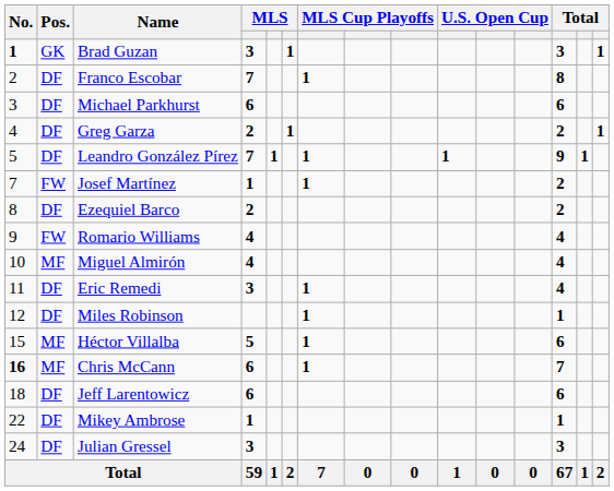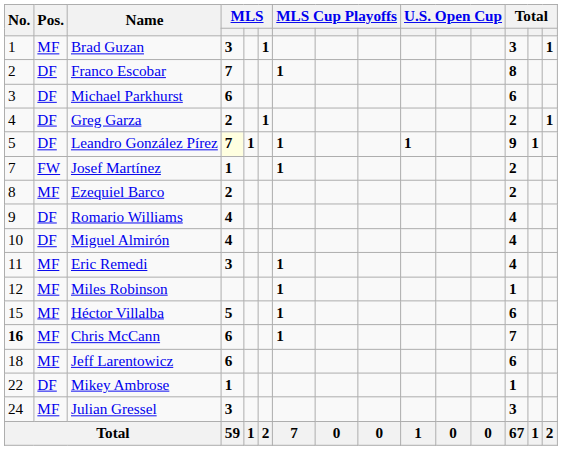 <table class="wikitable sortable" style="90% text-align: center">
 <tr>
 <th rowspan="2">No.</th>
 <th rowspan="2">Pos.</th>
 <th rowspan="2">Name</th>
 <th colspan="3"><a href='#'>MLS</a></th>
 <th colspan="3"><a href='#'>MLS Cup Playoffs</a></th>
 <th colspan="3"><a href='#'>U.S. Open Cup</a></th>
 <th colspan="3"><strong>Total</strong></th>
 </tr>
 <tr>
 <th></th>
 <th></th>
 <th></th>
 <th></th>
 <th></th>
 <th></th>
 <th></th>
 <th></th>
 <th></th>
 <th></th>
 <th></th>
 <th></th>
 </tr>
 <tr>
-<td><strong>1</strong></td>
-<td><a href='#'>GK</a></td>
+<td>1</td>
+<td><a href='#'>MF</a></td>
 <td><a href='#'>Brad Guzan</a></td>
 <td><strong>3</strong></td>
 <td><strong> </strong></td>
 <td><strong>1</strong></td>
 <td><strong> </strong></td>
 <td><strong> </strong></td>
 <td><strong> </strong></td>
 <td><strong> </strong></td>
 <td><strong> </strong></td>
 <td><strong> </strong></td>
 <td><strong>3</strong></td>
 <td><strong> </strong></td>
 <td><strong>1</strong></td>
 </tr>
 <tr>
 <td>2</td>
 <td><a href='#'>DF</a></td>
 <td><a href='#'>Franco Escobar</a></td>
 <td><strong>7</strong></td>
 <td><strong> </strong></td>
 <td><strong> </strong></td>
 <td><strong>1</strong></td>
 <td><strong> </strong></td>
 <td><strong> </strong></td>
 <td><strong> </strong></td>
 <td><strong> </strong></td>
 <td><strong> </strong></td>
 <td><strong>8</strong></td>
 <td><strong> </strong></td>
 <td><strong> </strong></td>
 </tr>
 <tr>
 <td>3</td>
 <td><a href='#'>DF</a></td>
 <td><a href='#'>Michael Parkhurst</a></td>
 <td><strong>6</strong></td>
 <td><strong> </strong></td>
 <td><strong> </strong></td>
 <td><strong> </strong></td>
 <td><strong> </strong></td>
 <td><strong> </strong></td>
 <td><strong> </strong></td>
 <td><strong> </strong></td>
 <td><strong> </strong></td>
 <td><strong>6</strong></td>
 <td><strong> </strong></td>
 <td><strong> </strong></td>
 </tr>
 <tr>
 <td>4</td>
 <td><a href='#'>DF</a></td>
 <td><a href='#'>Greg Garza</a></td>
 <td><strong>2</strong></td>
 <td><strong> </strong></td>
 <td><strong>1</strong></td>
 <td><strong> </strong></td>
 <td><strong> </strong></td>
 <td><strong> </strong></td>
 <td><strong> </strong></td>
 <td><strong> </strong></td>
 <td><strong> </strong></td>
 <td><strong>2</strong></td>
 <td><strong> </strong></td>
 <td><strong>1</strong></td>
 </tr>
 <tr>
 <td>5</td>
 <td><a href='#'>DF</a></td>
 <td><a href='#'>Leandro González Pírez</a></td>
-<td><strong>7</strong></td>
+<td style="background: lightyellow;"><strong>7</strong></td>
 <td><strong>1</strong></td>
 <td><strong> </strong></td>
 <td><strong>1</strong></td>
 <td><strong> </strong></td>
 <td><strong> </strong></td>
 <td><strong>1</strong></td>
 <td><strong> </strong></td>
 <td><strong> </strong></td>
 <td><strong>9</strong></td>
 <td><strong>1</strong></td>
 <td><strong> </strong></td>
 </tr>
 <tr>
 <td>7</td>
 <td><a href='#'>FW</a></td>
 <td><a href='#'>Josef Martínez</a></td>
 <td><strong>1</strong></td>
 <td><strong> </strong></td>
 <td><strong> </strong></td>
 <td><strong>1</strong></td>
 <td><strong> </strong></td>
 <td><strong> </strong></td>
 <td><strong> </strong></td>
 <td><strong> </strong></td>
 <td><strong> </strong></td>
 <td><strong>2</strong></td>
 <td><strong> </strong></td>
 <td><strong> </strong></td>
 </tr>
 <tr>
 <td>8</td>
-<td><a href='#'>DF</a></td>
+<td><a href='#'>MF</a></td>
 <td><a href='#'>Ezequiel Barco</a></td>
 <td><strong>2</strong></td>
 <td><strong> </strong></td>
 <td><strong> </strong></td>
 <td><strong> </strong></td>
 <td><strong> </strong></td>
 <td><strong> </strong></td>
 <td><strong> </strong></td>
 <td><strong> </strong></td>
 <td><strong> </strong></td>
 <td><strong>2</strong></td>
 <td><strong> </strong></td>
 <td><strong> </strong></td>
 </tr>
 <tr>
 <td>9</td>
-<td><a href='#'>FW</a></td>
+<td><a href='#'>DF</a></td>
 <td><a href='#'>Romario Williams</a></td>
 <td><strong>4</strong></td>
 <td><strong> </strong></td>
 <td><strong> </strong></td>
 <td><strong> </strong></td>
 <td><strong> </strong></td>
 <td><strong> </strong></td>
 <td><strong> </strong></td>
 <td><strong> </strong></td>
 <td><strong> </strong></td>
 <td><strong>4</strong></td>
 <td><strong> </strong></td>
 <td><strong> </strong></td>
 </tr>
 <tr>
 <td>10</td>
-<td><a href='#'>MF</a></td>
+<td><a href='#'>DF</a></td>
 <td><a href='#'>Miguel Almirón</a></td>
 <td><strong>4</strong></td>
 <td><strong> </strong></td>
 <td><strong> </strong></td>
 <td><strong> </strong></td>
 <td><strong> </strong></td>
 <td><strong> </strong></td>
 <td><strong> </strong></td>
 <td><strong> </strong></td>
 <td><strong> </strong></td>
 <td><strong>4</strong></td>
 <td><strong> </strong></td>
 <td><strong> </strong></td>
 </tr>
 <tr>
 <td>11</td>
-<td><a href='#'>DF</a></td>
+<td><a href='#'>MF</a></td>
 <td><a href='#'>Eric Remedi</a></td>
 <td><strong>3</strong></td>
 <td><strong> </strong></td>
 <td><strong> </strong></td>
 <td><strong>1</strong></td>
 <td><strong> </strong></td>
 <td><strong> </strong></td>
 <td><strong> </strong></td>
 <td><strong> </strong></td>
 <td><strong> </strong></td>
 <td><strong>4</strong></td>
 <td><strong> </strong></td>
 <td><strong> </strong></td>
 </tr>
 <tr>
 <td>12</td>
-<td><a href='#'>DF</a></td>
+<td><a href='#'>MF</a></td>
 <td><a href='#'>Miles Robinson</a></td>
 <td><strong> </strong></td>
 <td><strong> </strong></td>
 <td><strong> </strong></td>
 <td><strong>1</strong></td>
 <td><strong> </strong></td>
 <td><strong> </strong></td>
 <td><strong> </strong></td>
 <td><strong> </strong></td>
 <td><strong> </strong></td>
 <td><strong>1</strong></td>
 <td><strong> </strong></td>
 <td><strong> </strong></td>
 </tr>
 <tr>
 <td>15</td>
 <td><a href='#'>MF</a></td>
 <td><a href='#'>Héctor Villalba</a></td>
 <td><strong>5</strong></td>
 <td><strong> </strong></td>
 <td><strong> </strong></td>
 <td><strong>1</strong></td>
 <td><strong> </strong></td>
 <td><strong> </strong></td>
 <td><strong> </strong></td>
 <td><strong> </strong></td>
 <td><strong> </strong></td>
 <td><strong>6</strong></td>
 <td><strong> </strong></td>
 <td><strong> </strong></td>
 </tr>
 <tr>
 <td><strong>16</strong></td>
 <td><a href='#'>MF</a></td>
 <td><a href='#'>Chris McCann</a></td>
 <td><strong>6</strong></td>
 <td><strong> </strong></td>
 <td><strong> </strong></td>
 <td><strong>1</strong></td>
 <td><strong> </strong></td>
 <td><strong> </strong></td>
 <td><strong> </strong></td>
 <td><strong> </strong></td>
 <td><strong> </strong></td>
 <td><strong>7</strong></td>
 <td><strong> </strong></td>
 <td><strong> </strong></td>
 </tr>
 <tr>
 <td>18</td>
-<td><a href='#'>DF</a></td>
+<td><a href='#'>MF</a></td>
 <td><a href='#'>Jeff Larentowicz</a></td>
 <td><strong>6</strong></td>
 <td><strong> </strong></td>
 <td><strong> </strong></td>
 <td><strong> </strong></td>
 <td><strong> </strong></td>
 <td><strong> </strong></td>
 <td><strong> </strong></td>
 <td><strong> </strong></td>
 <td><strong> </strong></td>
 <td><strong>6</strong></td>
 <td><strong> </strong></td>
 <td><strong> </strong></td>
 </tr>
 <tr>
 <td>22</td>
 <td><a href='#'>DF</a></td>
 <td><a href='#'>Mikey Ambrose</a></td>
 <td><strong>1</strong></td>
 <td><strong> </strong></td>
 <td><strong> </strong></td>
 <td><strong> </strong></td>
 <td><strong> </strong></td>
 <td><strong> </strong></td>
 <td><strong> </strong></td>
 <td><strong> </strong></td>
 <td><strong> </strong></td>
 <td><strong>1</strong></td>
 <td><strong> </strong></td>
 <td><strong> </strong></td>
 </tr>
 <tr>
 <td>24</td>
-<td><a href='#'>DF</a></td>
+<td><a href='#'>MF</a></td>
 <td><a href='#'>Julian Gressel</a></td>
 <td><strong>3</strong></td>
 <td><strong> </strong></td>
 <td><strong> </strong></td>
 <td><strong> </strong></td>
 <td><strong> </strong></td>
 <td><strong> </strong></td>
 <td><strong> </strong></td>
 <td><strong> </strong></td>
 <td><strong> </strong></td>
 <td><strong>3</strong></td>
 <td><strong> </strong></td>
 <td><strong> </strong></td>
 </tr>
 <tr>
 <th colspan=3>Total</th>
 <th>59</th>
 <th>1</th>
 <th>2</th>
 <th>7</th>
 <th>0</th>
 <th>0</th>
 <th>1</th>
 <th>0</th>
 <th>0</th>
 <th>67</th>
 <th>1</th>
 <th>2</th>
 </tr>
 </table>
